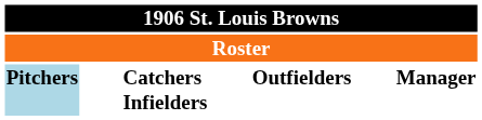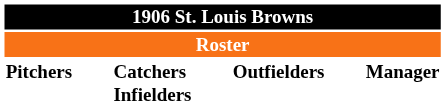 <table class="toccolours" style="font-size: 95%;">
 <tr>
 <th colspan="10" style="background-color: black; color: white; text-align: center;">1906 St. Louis Browns</th>
 </tr>
 <tr>
 <td colspan="10" style="background-color: #F87217; color: white; text-align: center;"><strong>Roster</strong></td>
 </tr>
 <tr>
-<td valign="top" style="background: lightblue;"><strong>Pitchers</strong><br>     </td>
+<td valign="top"><strong>Pitchers</strong><br>     </td>
 <td width="25px"></td>
 <td valign="top"><strong>Catchers</strong><br>   <strong>Infielders</strong>      </td>
 <td width="25px"></td>
 <td valign="top"><strong>Outfielders</strong><br>   </td>
 <td width="25px"></td>
 <td valign="top"><strong>Manager</strong><br></td>
 </tr>
 </table>
